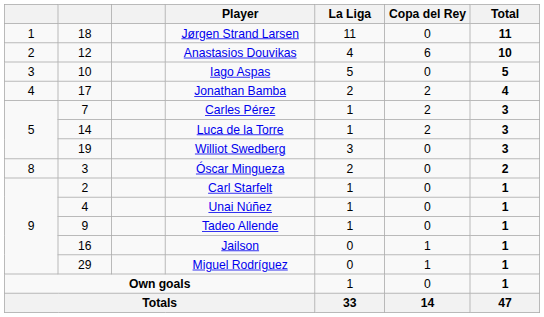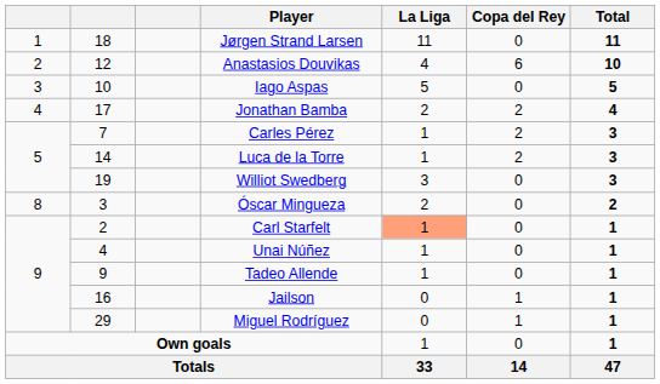 <table class="wikitable" style="font-size: 95%; text-align: center;">
 <tr>
 <th width=60></th>
 <th width=60></th>
 <th width=60></th>
 <th width=180>Player</th>
 <th width=80>La Liga</th>
 <th width=100>Copa del Rey</th>
 <th width=80>Total</th>
 </tr>
 <tr>
 <td rowspan="1">1</td>
 <td>18</td>
 <td></td>
 <td><a href='#'>Jørgen Strand Larsen</a></td>
 <td>11</td>
 <td>0</td>
 <td><strong>11</strong></td>
 </tr>
 <tr>
 <td rowspan="1">2</td>
 <td>12</td>
 <td></td>
 <td><a href='#'>Anastasios Douvikas</a></td>
 <td>4</td>
 <td>6</td>
 <td><strong>10</strong></td>
 </tr>
 <tr>
 <td rowspan="1">3</td>
 <td>10</td>
 <td></td>
 <td><a href='#'>Iago Aspas</a></td>
 <td>5</td>
 <td>0</td>
 <td><strong>5</strong></td>
 </tr>
 <tr>
 <td rowspan="1">4</td>
 <td>17</td>
 <td></td>
 <td><a href='#'>Jonathan Bamba</a></td>
 <td>2</td>
 <td>2</td>
 <td><strong>4</strong></td>
 </tr>
 <tr>
 <td rowspan="3">5</td>
 <td>7</td>
 <td></td>
 <td><a href='#'>Carles Pérez</a></td>
 <td>1</td>
 <td>2</td>
 <td><strong>3</strong></td>
 </tr>
 <tr>
 <td>14</td>
 <td></td>
 <td><a href='#'>Luca de la Torre</a></td>
 <td>1</td>
 <td>2</td>
 <td><strong>3</strong></td>
 </tr>
 <tr>
 <td>19</td>
 <td></td>
 <td><a href='#'>Williot Swedberg</a></td>
 <td>3</td>
 <td>0</td>
 <td><strong>3</strong></td>
 </tr>
 <tr>
 <td rowspan="1">8</td>
 <td>3</td>
 <td></td>
 <td><a href='#'>Óscar Mingueza</a></td>
 <td>2</td>
 <td>0</td>
 <td><strong>2</strong></td>
 </tr>
 <tr>
 <td rowspan="5">9</td>
 <td>2</td>
 <td></td>
 <td><a href='#'>Carl Starfelt</a></td>
-<td>1</td>
+<td style="background: lightsalmon;">1</td>
 <td>0</td>
 <td><strong>1</strong></td>
 </tr>
 <tr>
 <td>4</td>
 <td></td>
 <td><a href='#'>Unai Núñez</a></td>
 <td>1</td>
 <td>0</td>
 <td><strong>1</strong></td>
 </tr>
 <tr>
 <td>9</td>
 <td></td>
 <td><a href='#'>Tadeo Allende</a></td>
 <td>1</td>
 <td>0</td>
 <td><strong>1</strong></td>
 </tr>
 <tr>
 <td>16</td>
 <td></td>
 <td><a href='#'>Jailson</a></td>
 <td>0</td>
 <td>1</td>
 <td><strong>1</strong></td>
 </tr>
 <tr>
 <td>29</td>
 <td></td>
 <td><a href='#'>Miguel Rodríguez</a></td>
 <td>0</td>
 <td>1</td>
 <td><strong>1</strong></td>
 </tr>
 <tr>
 <td colspan=4><strong>Own goals</strong></td>
 <td>1</td>
 <td>0</td>
 <td><strong>1</strong></td>
 </tr>
 <tr>
 <th colspan=4>Totals</th>
 <th>33</th>
 <th>14</th>
 <th>47</th>
 </tr>
 </table>
